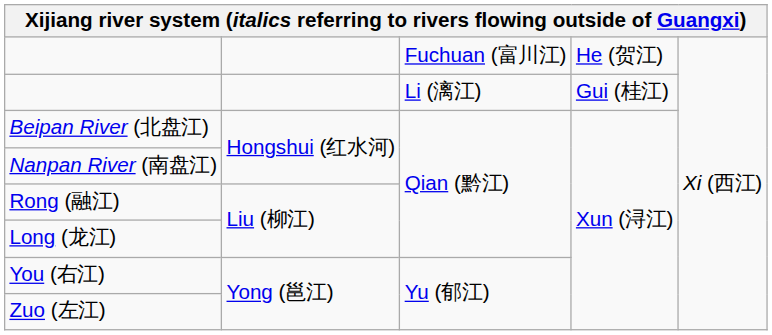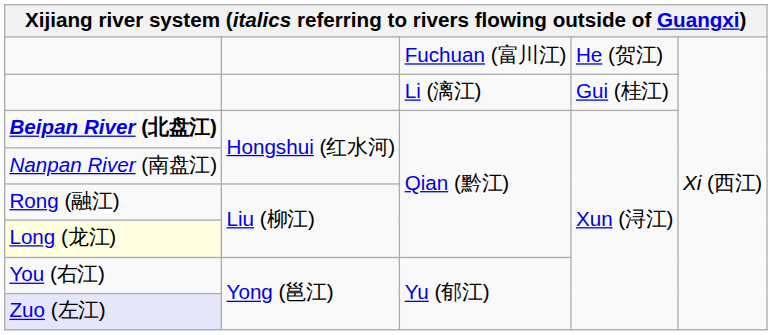 <table class="wikitable">
 <tr>
 <th colspan=5>Xijiang river system (<em>italics</em> referring to rivers flowing outside of <a href='#'>Guangxi</a>)</th>
 </tr>
 <tr>
 <td></td>
 <td></td>
 <td><a href='#'>Fuchuan</a> (富川江)</td>
 <td><a href='#'>He</a> (贺江)</td>
 <td rowspan=8><em>Xi</em> (西江)</td>
 </tr>
 <tr>
 <td></td>
 <td></td>
 <td><a href='#'>Li</a> (漓江)</td>
 <td><a href='#'>Gui</a> (桂江)</td>
 </tr>
 <tr>
-<td><em><a href='#'>Beipan River</a></em> (北盘江)</td>
+<td><strong><em><a href='#'>Beipan River</a></em> (北盘江)</strong></td>
 <td rowspan=2><a href='#'>Hongshui</a> (红水河)</td>
 <td rowspan=4><a href='#'>Qian</a> (黔江)</td>
 <td rowspan=6><a href='#'>Xun</a> (浔江)</td>
 </tr>
 <tr>
 <td><em><a href='#'>Nanpan River</a></em> (南盘江)</td>
 </tr>
 <tr>
 <td><a href='#'>Rong</a> (融江)</td>
 <td rowspan=2><a href='#'>Liu</a> (柳江)</td>
 </tr>
 <tr>
-<td><a href='#'>Long</a> (龙江)</td>
+<td style="background: lightyellow;"><a href='#'>Long</a> (龙江)</td>
 </tr>
 <tr>
 <td><a href='#'>You</a> (右江)</td>
 <td rowspan=2><a href='#'>Yong</a> (邕江)</td>
 <td rowspan=2><a href='#'>Yu</a> (郁江)</td>
 </tr>
 <tr>
-<td><a href='#'>Zuo</a> (左江)</td>
+<td style="background: lavender;"><a href='#'>Zuo</a> (左江)</td>
 </tr>
 </table>
